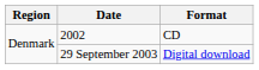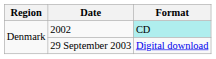 <table class=wikitable>
 <tr>
 <th>Region</th>
 <th>Date</th>
 <th>Format</th>
 </tr>
 <tr>
 <td rowspan="2">Denmark</td>
 <td>2002</td>
-<td>CD</td>
+<td style="background: paleturquoise;">CD</td>
 </tr>
 <tr>
 <td>29 September 2003</td>
 <td><a href='#'>Digital download</a></td>
 </tr>
 </table>
